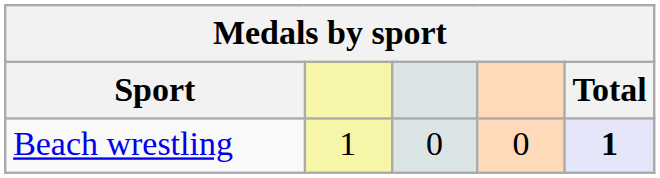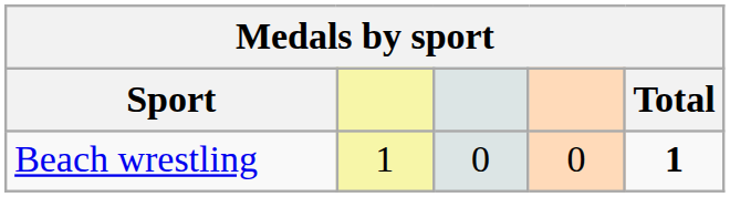 <table class="wikitable" style="font-size:90%; text-align:center;">
 <tr>
 <th colspan="5">Medals by sport</th>
 </tr>
 <tr>
 <th width="120">Sport</th>
 <th scope="col" width="30" style="background:#F7F6A8;"></th>
 <th scope="col" width="30" style="background:#DCE5E5;"></th>
 <th scope="col" width="30" style="background:#FFDAB9;"></th>
 <th width="30">Total</th>
 </tr>
 <tr>
 <td align="left"><a href='#'>Beach wrestling</a></td>
 <td style="background:#F7F6A8;">1</td>
 <td style="background:#DCE5E5;">0</td>
 <td style="background:#FFDAB9;">0</td>
-<td style="background: lavender;"><strong>1</strong></td>
+<td><strong>1</strong></td>
 </tr>
 </table>
